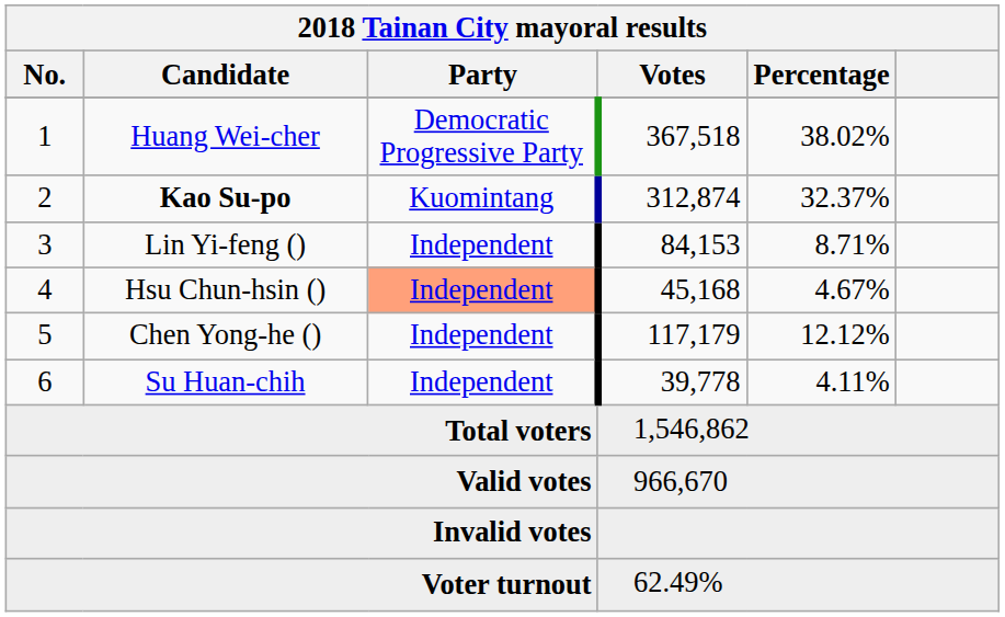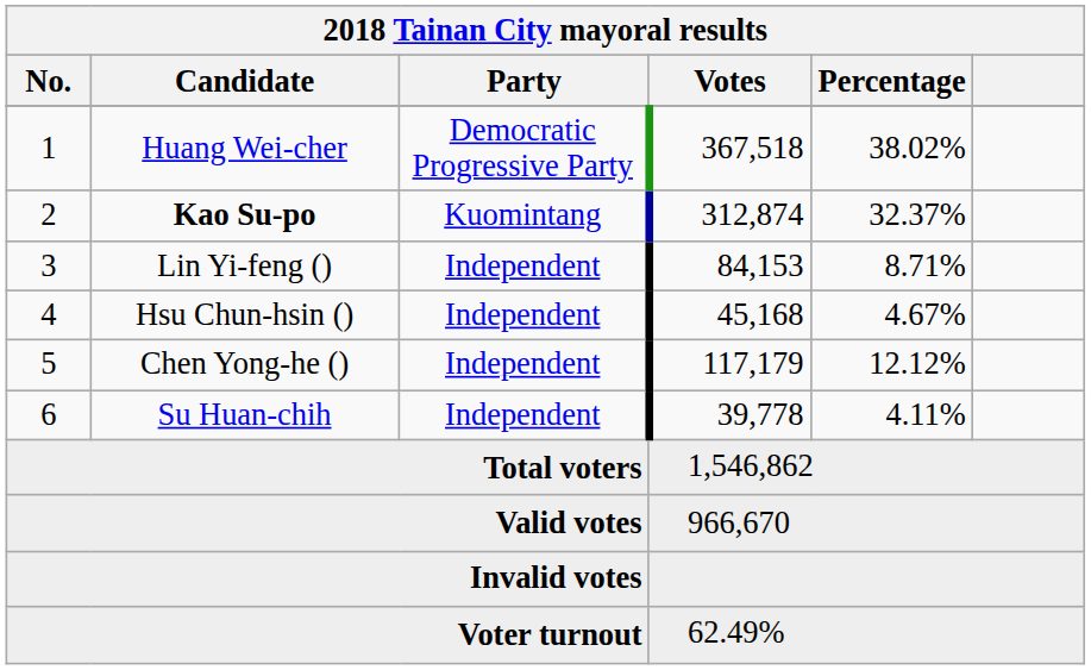 <table class="wikitable collapsible" style="margin:1em auto; text-align:center">
 <tr>
 <th colspan="6">2018 <a href='#'>Tainan City</a> mayoral results</th>
 </tr>
 <tr>
 <th width=35>No.</th>
 <th width=150>Candidate</th>
 <th width=120>Party</th>
 <th width=75>Votes</th>
 <th width=75>Percentage</th>
 <th width=49></th>
 </tr>
 <tr>
 </tr>
 <tr>
 <td>1</td>
 <td><a href='#'>Huang Wei-cher</a></td>
 <td><a href='#'>Democratic Progressive Party</a></td>
 <td style="border-left:4px solid #1B9413;" align="right">367,518</td>
 <td align="right">38.02%</td>
 <td align="center"></td>
 </tr>
 <tr>
 <td>2</td>
 <td><strong>Kao Su-po</strong></td>
 <td><a href='#'>Kuomintang</a></td>
 <td style="border-left:4px solid #000099;" align="right">312,874</td>
 <td align="right">32.37%</td>
 <td align="center"></td>
 </tr>
 <tr>
 <td>3</td>
 <td>Lin Yi-feng ()</td>
 <td><a href='#'>Independent</a></td>
 <td style="border-left:4px solid #000000;" align="right">84,153</td>
 <td align="right">8.71%</td>
 <td align="center"></td>
 </tr>
 <tr>
 <td>4</td>
 <td>Hsu Chun-hsin ()</td>
-<td style="background: lightsalmon;"><a href='#'>Independent</a></td>
+<td><a href='#'>Independent</a></td>
 <td style="border-left:4px solid #000000;" align="right">45,168</td>
 <td align="right">4.67%</td>
 <td align="center"></td>
 </tr>
 <tr>
 <td>5</td>
 <td>Chen Yong-he ()</td>
 <td><a href='#'>Independent</a></td>
 <td style="border-left:4px solid #000000;" align="right">117,179</td>
 <td align="right">12.12%</td>
 <td align="center"></td>
 </tr>
 <tr>
 <td>6</td>
 <td><a href='#'>Su Huan-chih</a></td>
 <td><a href='#'>Independent</a></td>
 <td style="border-left:4px solid #000000;" align="right">39,778</td>
 <td align="right">4.11%</td>
 <td align="center"></td>
 </tr>
 <tr bgcolor=EEEEEE>
 <td colspan="3" align="right"><strong>Total voters</strong></td>
 <td colspan="3" align="left">　1,546,862</td>
 </tr>
 <tr bgcolor=EEEEEE>
 <td colspan="3" align="right"><strong>Valid votes</strong></td>
 <td colspan="3" align="left">　966,670</td>
 </tr>
 <tr bgcolor=EEEEEE>
 <td colspan="3" align="right"><strong>Invalid votes</strong></td>
 <td colspan="3" align="left">　</td>
 </tr>
 <tr bgcolor=EEEEEE>
 <td colspan="3" align="right"><strong>Voter turnout</strong></td>
 <td colspan="3" align="left">　62.49%</td>
 </tr>
 </table>
